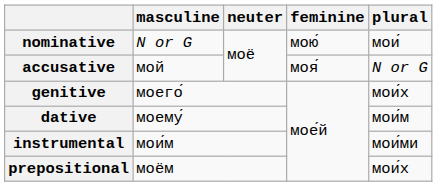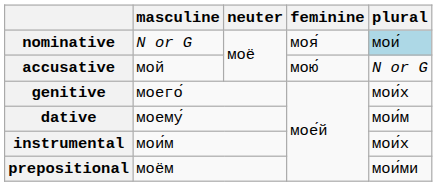 <table class="wikitable" style="display: inline-table;">
 <tr>
 <th></th>
 <th>masculine</th>
 <th>neuter</th>
 <th>feminine</th>
 <th>plural</th>
 </tr>
 <tr>
 <th>nominative</th>
 <td><em>N or G</em></td>
 <td rowspan="2">моё</td>
-<td>мою́</td>
-<td>мои́</td>
+<td>моя́</td>
+<td style="background: lightblue;">мои́</td>
 </tr>
 <tr>
 <th>accusative</th>
 <td>мой</td>
-<td>моя́</td>
+<td>мою́</td>
 <td><em>N or G</em></td>
 </tr>
 <tr>
 <th>genitive</th>
 <td colspan="2">моего́</td>
 <td rowspan="4">мое́й</td>
 <td>мои́х</td>
 </tr>
 <tr>
 <th>dative</th>
 <td colspan="2">моему́</td>
 <td>мои́м</td>
 </tr>
 <tr>
 <th>instrumental</th>
 <td colspan="2">мои́м</td>
-<td>мои́ми</td>
+<td>мои́х</td>
 </tr>
 <tr>
 <th>prepositional</th>
 <td colspan="2">моём</td>
-<td>мои́х</td>
+<td>мои́ми</td>
 </tr>
 </table>
